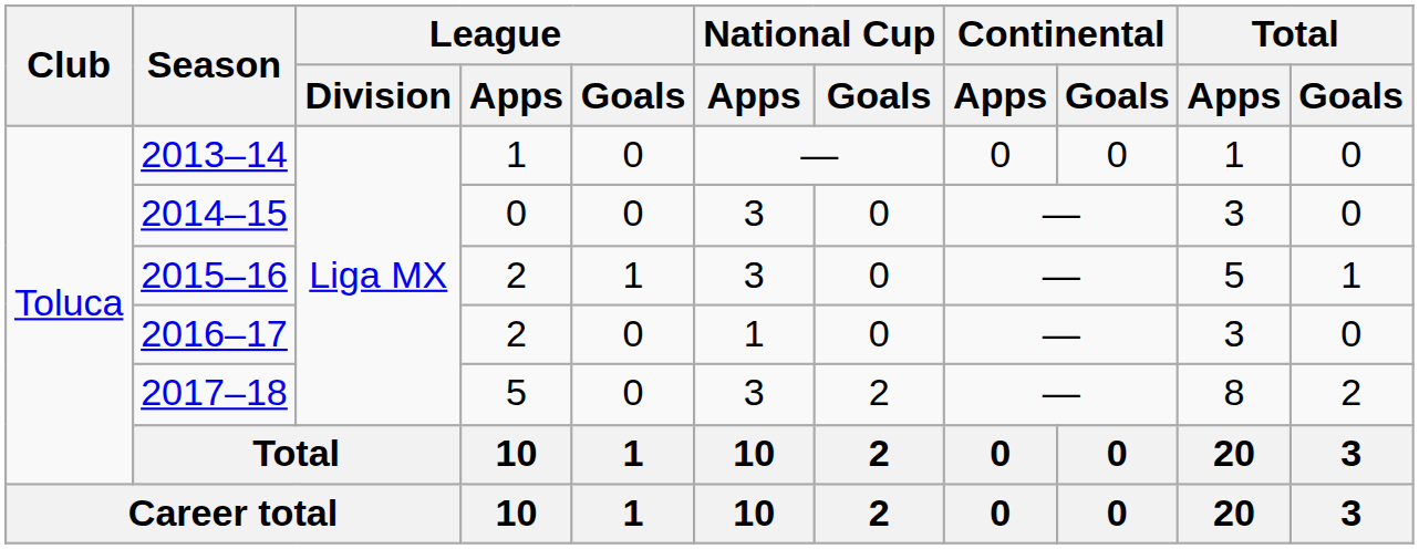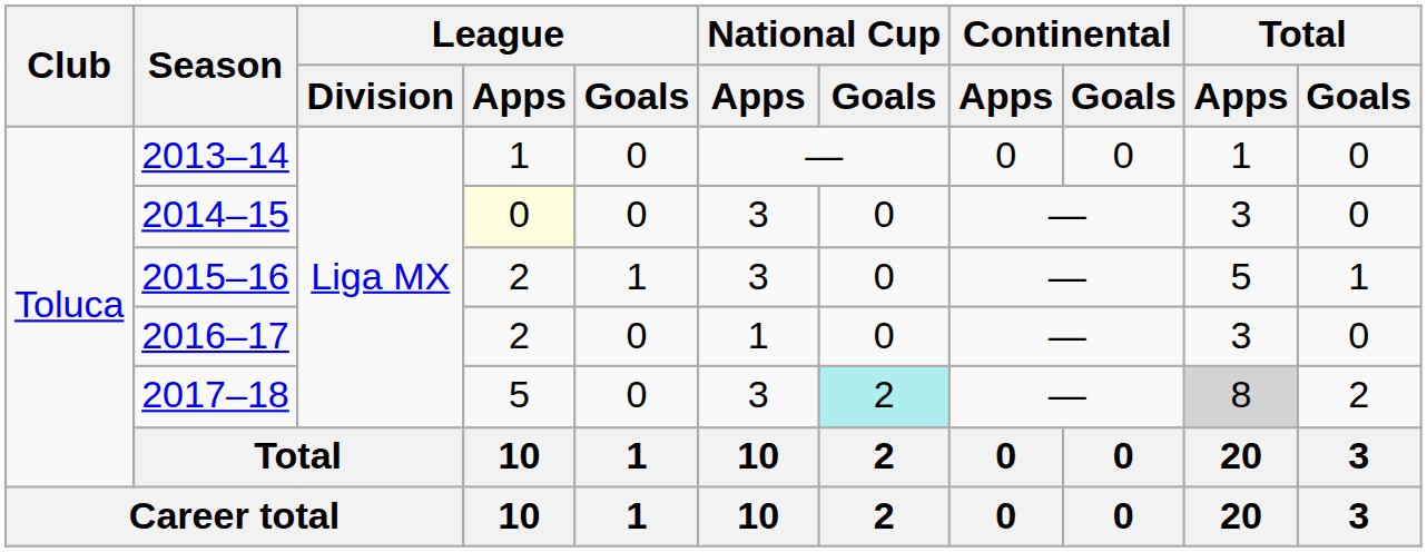 <table class="wikitable" style="text-align:center">
 <tr>
 <th rowspan="2">Club</th>
 <th rowspan="2">Season</th>
 <th colspan="3">League</th>
 <th colspan="2">National Cup</th>
 <th colspan="2">Continental</th>
 <th colspan="2">Total</th>
 </tr>
 <tr>
 <th>Division</th>
 <th>Apps</th>
 <th>Goals</th>
 <th>Apps</th>
 <th>Goals</th>
 <th>Apps</th>
 <th>Goals</th>
 <th>Apps</th>
 <th>Goals</th>
 </tr>
 <tr>
 <td rowspan="6"><a href='#'>Toluca</a></td>
 <td><a href='#'>2013–14</a></td>
 <td rowspan="5"><a href='#'>Liga MX</a></td>
 <td>1</td>
 <td>0</td>
 <td colspan="2">—</td>
 <td>0</td>
 <td>0</td>
 <td>1</td>
 <td>0</td>
 </tr>
 <tr>
 <td><a href='#'>2014–15</a></td>
-<td>0</td>
+<td style="background: lightyellow;">0</td>
 <td>0</td>
 <td>3</td>
 <td>0</td>
 <td colspan="2">—</td>
 <td>3</td>
 <td>0</td>
 </tr>
 <tr>
 <td><a href='#'>2015–16</a></td>
 <td>2</td>
 <td>1</td>
 <td>3</td>
 <td>0</td>
 <td colspan="2">—</td>
 <td>5</td>
 <td>1</td>
 </tr>
 <tr>
 <td><a href='#'>2016–17</a></td>
 <td>2</td>
 <td>0</td>
 <td>1</td>
 <td>0</td>
 <td colspan="2">—</td>
 <td>3</td>
 <td>0</td>
 </tr>
 <tr>
 <td><a href='#'>2017–18</a></td>
 <td>5</td>
 <td>0</td>
 <td>3</td>
-<td>2</td>
+<td style="background: paleturquoise;">2</td>
 <td colspan="2">—</td>
-<td>8</td>
+<td style="background: lightgrey;">8</td>
 <td>2</td>
 </tr>
 <tr>
 <th colspan="2">Total</th>
 <th>10</th>
 <th>1</th>
 <th>10</th>
 <th>2</th>
 <th>0</th>
 <th>0</th>
 <th>20</th>
 <th>3</th>
 </tr>
 <tr>
 <th colspan="3">Career total</th>
 <th>10</th>
 <th>1</th>
 <th>10</th>
 <th>2</th>
 <th>0</th>
 <th>0</th>
 <th>20</th>
 <th>3</th>
 </tr>
 </table>
